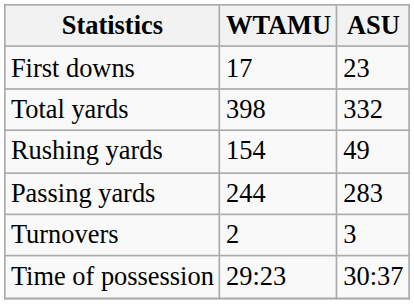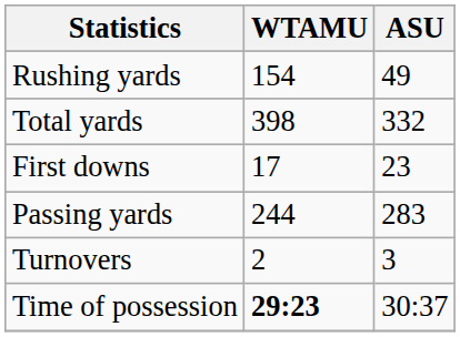 <table class="wikitable">
 <tr>
 <th>Statistics</th>
 <th>WTAMU</th>
 <th>ASU</th>
 </tr>
 <tr>
-<td>First downs</td>
-<td>17</td>
-<td>23</td>
+<td>Rushing yards</td>
+<td>154</td>
+<td>49</td>
 </tr>
 <tr>
 <td>Total yards</td>
 <td>398</td>
 <td>332</td>
 </tr>
 <tr>
-<td>Rushing yards</td>
-<td>154</td>
-<td>49</td>
+<td>First downs</td>
+<td>17</td>
+<td>23</td>
 </tr>
 <tr>
 <td>Passing yards</td>
 <td>244</td>
 <td>283</td>
 </tr>
 <tr>
 <td>Turnovers</td>
 <td>2</td>
 <td>3</td>
 </tr>
 <tr>
 <td>Time of possession</td>
-<td>29:23</td>
+<td><strong>29:23</strong></td>
 <td>30:37</td>
 </tr>
 <tr>
 </tr>
 </table>
